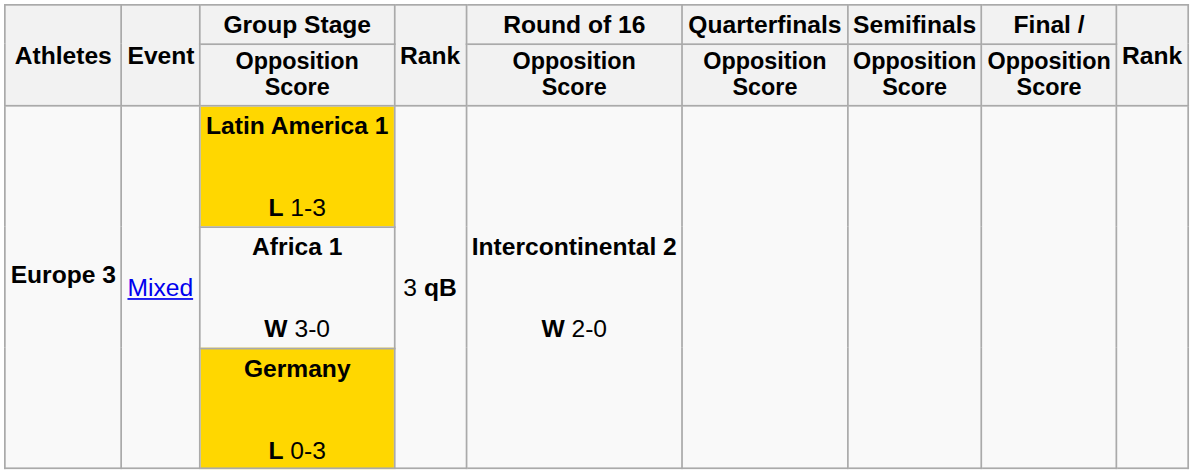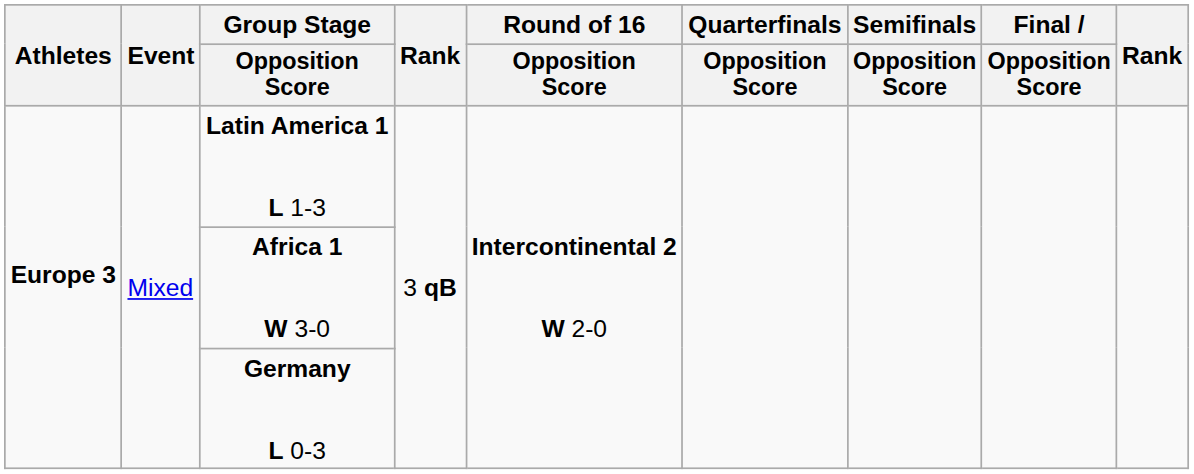 <table class=wikitable style="font-size:90%">
 <tr>
 <th rowspan="2">Athletes</th>
 <th rowspan="2">Event</th>
 <th>Group Stage</th>
 <th rowspan="2">Rank</th>
 <th>Round of 16</th>
 <th>Quarterfinals</th>
 <th>Semifinals</th>
 <th>Final / </th>
 <th rowspan=2>Rank</th>
 </tr>
 <tr style="font-size:95%">
 <th>Opposition<br>Score</th>
 <th>Opposition<br>Score</th>
 <th>Opposition<br>Score</th>
 <th>Opposition<br>Score</th>
 <th>Opposition<br>Score</th>
 </tr>
 <tr align=center>
 <td align=left rowspan=3><strong>Europe 3</strong><br><br></td>
 <td align=left rowspan=3><a href='#'>Mixed</a></td>
-<td style="background: gold;"><strong>Latin America 1</strong><br><br><br><strong>L</strong> 1-3</td>
+<td><strong>Latin America 1</strong><br><br><br><strong>L</strong> 1-3</td>
 <td rowspan=3>3 <strong>qB</strong></td>
 <td rowspan=3><strong>Intercontinental 2</strong><br><br><br><strong>W</strong> 2-0</td>
 <td rowspan=3></td>
 <td rowspan=3></td>
 <td rowspan=3></td>
 <td rowspan=3></td>
 </tr>
 <tr align=center>
 <td><strong>Africa 1</strong><br><br><br><strong>W</strong> 3-0</td>
 </tr>
 <tr align=center>
-<td style="background: gold;"><strong>Germany</strong><br><br><br><strong>L</strong> 0-3</td>
+<td><strong>Germany</strong><br><br><br><strong>L</strong> 0-3</td>
 </tr>
 </table>
